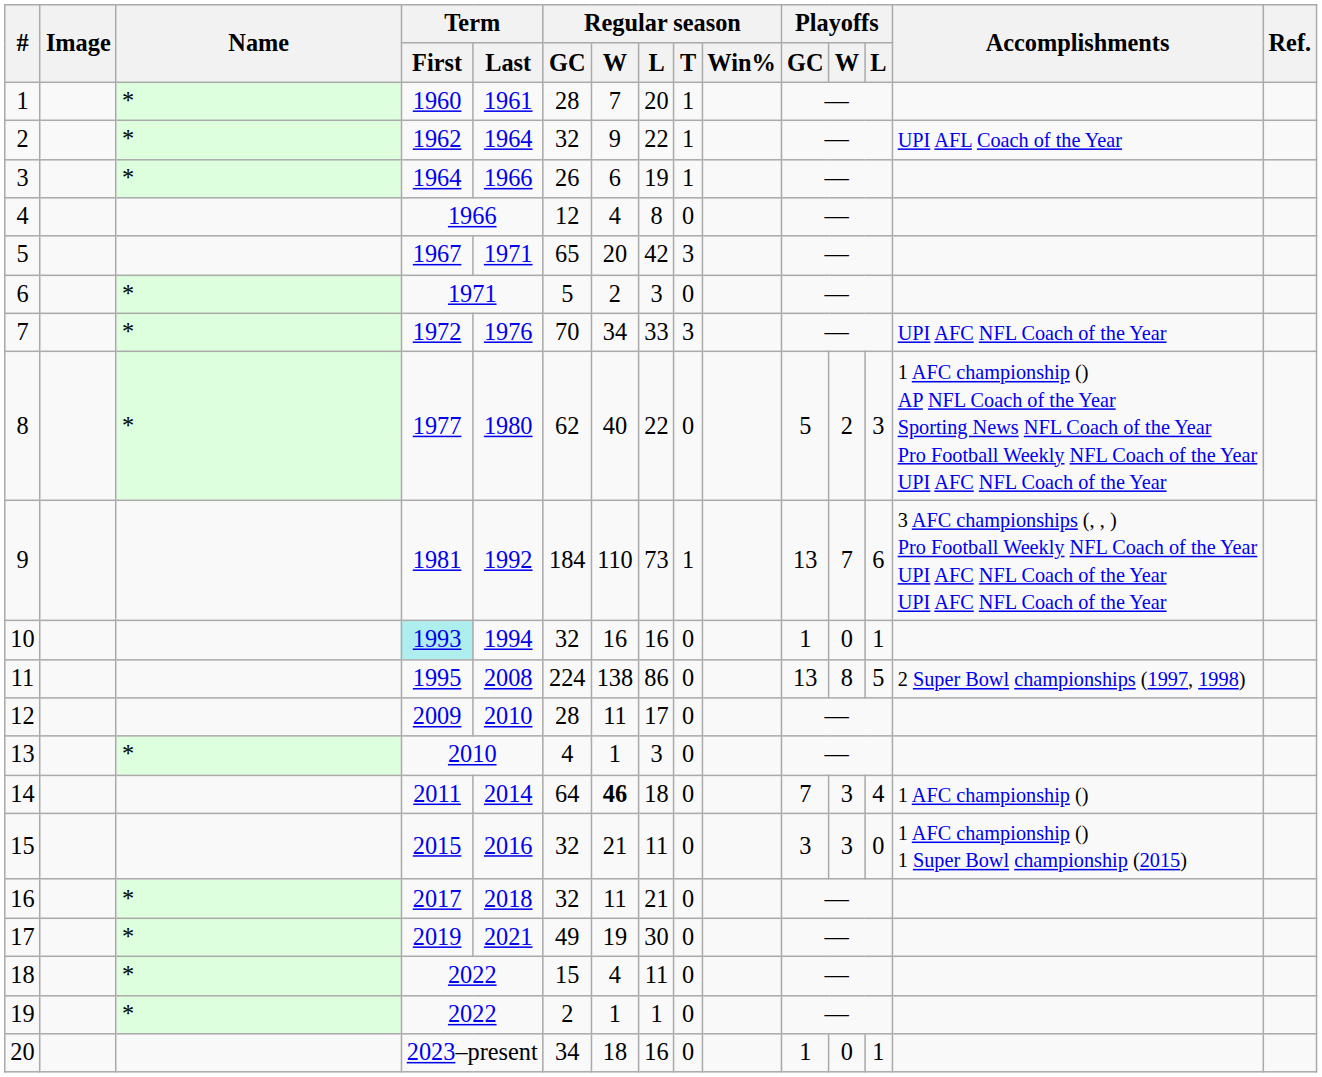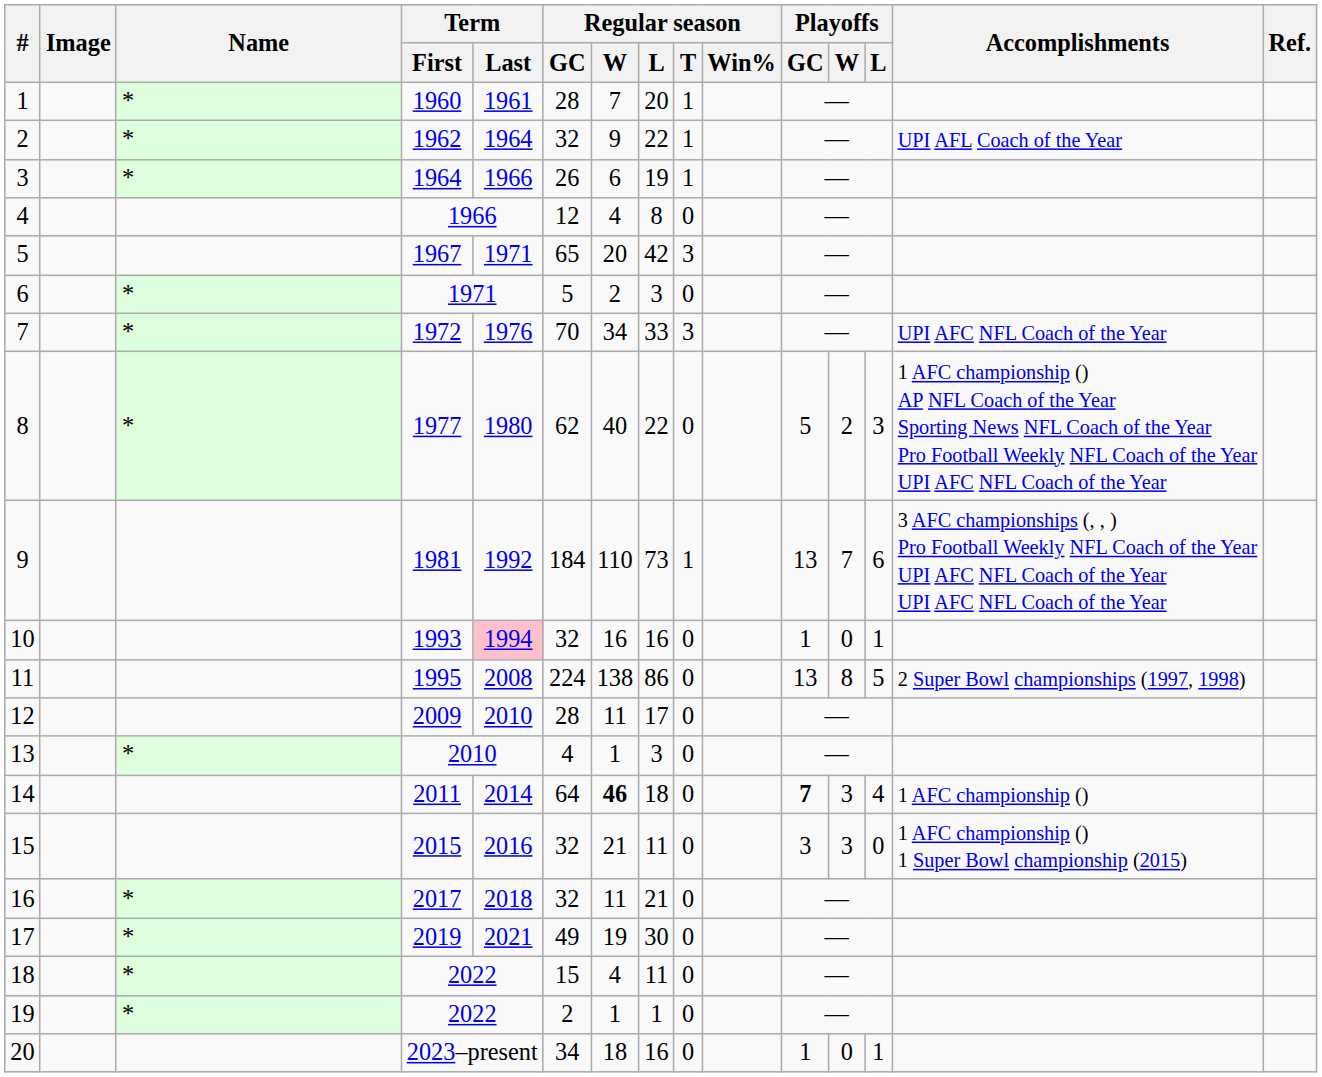 <table class="wikitable sortable" style="text-align:center">
 <tr>
 <th rowspan="2" class="unsortable">#</th>
 <th rowspan="2" class="unsortable">Image</th>
 <th rowspan="2" width="180">Name</th>
 <th colspan="2">Term</th>
 <th colspan="5">Regular season</th>
 <th colspan="3">Playoffs</th>
 <th rowspan="2" class="unsortable">Accomplishments</th>
 <th rowspan="2" class="unsortable">Ref.</th>
 </tr>
 <tr>
 <th>First</th>
 <th>Last</th>
 <th>GC</th>
 <th>W</th>
 <th>L</th>
 <th class="unsortable">T</th>
 <th>Win%</th>
 <th>GC</th>
 <th>W</th>
 <th>L</th>
 </tr>
 <tr>
 <td>1</td>
 <td></td>
 <td align="left" style="background-color:#dfd">*</td>
 <td><a href='#'>1960</a></td>
 <td><a href='#'>1961</a></td>
 <td>28</td>
 <td>7</td>
 <td>20</td>
 <td>1</td>
 <td></td>
 <td colspan="3">—</td>
 <td></td>
 <td align=center></td>
 </tr>
 <tr>
 <td>2</td>
 <td></td>
 <td align="left" style="background-color:#dfd">*</td>
 <td><a href='#'>1962</a></td>
 <td><a href='#'>1964</a></td>
 <td>32</td>
 <td>9</td>
 <td>22</td>
 <td>1</td>
 <td></td>
 <td colspan="3">—</td>
 <td align="left"><small> <a href='#'>UPI</a> <a href='#'>AFL</a> <a href='#'>Coach of the Year</a></small></td>
 <td></td>
 </tr>
 <tr>
 <td>3</td>
 <td></td>
 <td align="left" style="background-color:#dfd">*</td>
 <td><a href='#'>1964</a></td>
 <td><a href='#'>1966</a></td>
 <td>26</td>
 <td>6</td>
 <td>19</td>
 <td>1</td>
 <td></td>
 <td colspan="3">—</td>
 <td></td>
 <td></td>
 </tr>
 <tr>
 <td>4</td>
 <td></td>
 <td align="left"></td>
 <td colspan="2"><a href='#'>1966</a></td>
 <td>12</td>
 <td>4</td>
 <td>8</td>
 <td>0</td>
 <td></td>
 <td colspan="3">—</td>
 <td></td>
 <td></td>
 </tr>
 <tr>
 <td>5</td>
 <td></td>
 <td align="left"></td>
 <td><a href='#'>1967</a></td>
 <td><a href='#'>1971</a></td>
 <td>65</td>
 <td>20</td>
 <td>42</td>
 <td>3</td>
 <td></td>
 <td colspan="3">—</td>
 <td></td>
 <td></td>
 </tr>
 <tr>
 <td>6</td>
 <td></td>
 <td align="left" style="background-color:#dfd">*</td>
 <td colspan="2"><a href='#'>1971</a></td>
 <td>5</td>
 <td>2</td>
 <td>3</td>
 <td>0</td>
 <td></td>
 <td colspan="3">—</td>
 <td></td>
 <td></td>
 </tr>
 <tr>
 <td>7</td>
 <td></td>
 <td align="left" style="background-color:#dfd">*</td>
 <td><a href='#'>1972</a></td>
 <td><a href='#'>1976</a></td>
 <td>70</td>
 <td>34</td>
 <td>33</td>
 <td>3</td>
 <td></td>
 <td colspan="3">—</td>
 <td align="left"><small> <a href='#'>UPI</a> <a href='#'>AFC</a> <a href='#'>NFL Coach of the Year</a></small></td>
 <td align=center></td>
 </tr>
 <tr>
 <td>8</td>
 <td></td>
 <td align="left" style="background-color:#dfd">*</td>
 <td><a href='#'>1977</a></td>
 <td><a href='#'>1980</a></td>
 <td>62</td>
 <td>40</td>
 <td>22</td>
 <td>0</td>
 <td></td>
 <td>5</td>
 <td>2</td>
 <td>3</td>
 <td align="left"><small>1 <a href='#'>AFC championship</a> ()<br> <a href='#'>AP</a> <a href='#'>NFL Coach of the Year</a><br> <a href='#'>Sporting News</a> <a href='#'>NFL Coach of the Year</a><br> <a href='#'>Pro Football Weekly</a> <a href='#'>NFL Coach of the Year</a><br> <a href='#'>UPI</a> <a href='#'>AFC</a> <a href='#'>NFL Coach of the Year</a></small></td>
 <td></td>
 </tr>
 <tr>
 <td>9</td>
 <td></td>
 <td align="left"></td>
 <td><a href='#'>1981</a></td>
 <td><a href='#'>1992</a></td>
 <td>184</td>
 <td>110</td>
 <td>73</td>
 <td>1</td>
 <td></td>
 <td>13</td>
 <td>7</td>
 <td>6</td>
 <td align="left"><small>3 <a href='#'>AFC championships</a> (, , )<br> <a href='#'>Pro Football Weekly</a> <a href='#'>NFL Coach of the Year</a><br> <a href='#'>UPI</a> <a href='#'>AFC</a> <a href='#'>NFL Coach of the Year</a><br> <a href='#'>UPI</a> <a href='#'>AFC</a> <a href='#'>NFL Coach of the Year</a></small></td>
 <td></td>
 </tr>
 <tr>
 <td>10</td>
 <td></td>
 <td align="left"></td>
-<td style="background: paleturquoise;"><a href='#'>1993</a></td>
-<td><a href='#'>1994</a></td>
+<td><a href='#'>1993</a></td>
+<td style="background: pink;"><a href='#'>1994</a></td>
 <td>32</td>
 <td>16</td>
 <td>16</td>
 <td>0</td>
 <td></td>
 <td>1</td>
 <td>0</td>
 <td>1</td>
 <td></td>
 <td></td>
 </tr>
 <tr>
 <td>11</td>
 <td></td>
 <td align="left"></td>
 <td><a href='#'>1995</a></td>
 <td><a href='#'>2008</a></td>
 <td>224</td>
 <td>138</td>
 <td>86</td>
 <td>0</td>
 <td></td>
 <td>13</td>
 <td>8</td>
 <td>5</td>
 <td align="left"><small>2 <a href='#'>Super Bowl</a> <a href='#'>championships</a> (<a href='#'>1997</a>, <a href='#'>1998</a>)</small></td>
 <td></td>
 </tr>
 <tr>
 <td>12</td>
 <td></td>
 <td align="left"></td>
 <td><a href='#'>2009</a></td>
 <td><a href='#'>2010</a></td>
 <td>28</td>
 <td>11</td>
 <td>17</td>
 <td>0</td>
 <td></td>
 <td colspan="3">—</td>
 <td></td>
 <td></td>
 </tr>
 <tr>
 <td>13</td>
 <td></td>
 <td align="left" style="background-color:#dfd">*</td>
 <td colspan="2"><a href='#'>2010</a></td>
 <td>4</td>
 <td>1</td>
 <td>3</td>
 <td>0</td>
 <td></td>
 <td colspan="3">—</td>
 <td></td>
 <td></td>
 </tr>
 <tr>
 <td>14</td>
 <td></td>
 <td align="left"></td>
 <td><a href='#'>2011</a></td>
 <td><a href='#'>2014</a></td>
 <td>64</td>
 <td><strong>46</strong></td>
 <td>18</td>
 <td>0</td>
 <td></td>
-<td>7</td>
+<td><strong>7</strong></td>
 <td>3</td>
 <td>4</td>
 <td align="left"><small>1 <a href='#'>AFC championship</a> ()</small></td>
 <td></td>
 </tr>
 <tr>
 <td>15</td>
 <td></td>
 <td align="left"></td>
 <td><a href='#'>2015</a></td>
 <td><a href='#'>2016</a></td>
 <td>32</td>
 <td>21</td>
 <td>11</td>
 <td>0</td>
 <td></td>
 <td>3</td>
 <td>3</td>
 <td>0</td>
 <td align="left"><small>1 <a href='#'>AFC championship</a> ()<br>1 <a href='#'>Super Bowl</a> <a href='#'>championship</a> (<a href='#'>2015</a>) </small></td>
 <td></td>
 </tr>
 <tr>
 <td>16</td>
 <td></td>
 <td align="left" style="background-color:#dfd">*</td>
 <td><a href='#'>2017</a></td>
 <td><a href='#'>2018</a></td>
 <td>32</td>
 <td>11</td>
 <td>21</td>
 <td>0</td>
 <td></td>
 <td colspan="3">—</td>
 <td></td>
 <td></td>
 </tr>
 <tr>
 <td>17</td>
 <td></td>
 <td align="left" style="background-color:#dfd">*</td>
 <td><a href='#'>2019</a></td>
 <td><a href='#'>2021</a></td>
 <td>49</td>
 <td>19</td>
 <td>30</td>
 <td>0</td>
 <td></td>
 <td colspan="3">—</td>
 <td></td>
 <td></td>
 </tr>
 <tr>
 <td>18</td>
 <td></td>
 <td align="left" style="background-color:#dfd">*</td>
 <td colspan="2"><a href='#'>2022</a></td>
 <td>15</td>
 <td>4</td>
 <td>11</td>
 <td>0</td>
 <td></td>
 <td colspan="3">—</td>
 <td></td>
 <td></td>
 </tr>
 <tr>
 <td>19</td>
 <td></td>
 <td align="left" style="background-color:#dfd">*</td>
 <td colspan="2"><a href='#'>2022</a></td>
 <td>2</td>
 <td>1</td>
 <td>1</td>
 <td>0</td>
 <td></td>
 <td colspan="3">—</td>
 <td></td>
 <td></td>
 </tr>
 <tr>
 <td>20</td>
 <td></td>
 <td align="left"></td>
 <td colspan="2"><a href='#'>2023</a>–present</td>
 <td>34</td>
 <td>18</td>
 <td>16</td>
 <td>0</td>
 <td></td>
 <td>1</td>
 <td>0</td>
 <td>1</td>
 <td></td>
 <td></td>
 </tr>
 </table>
